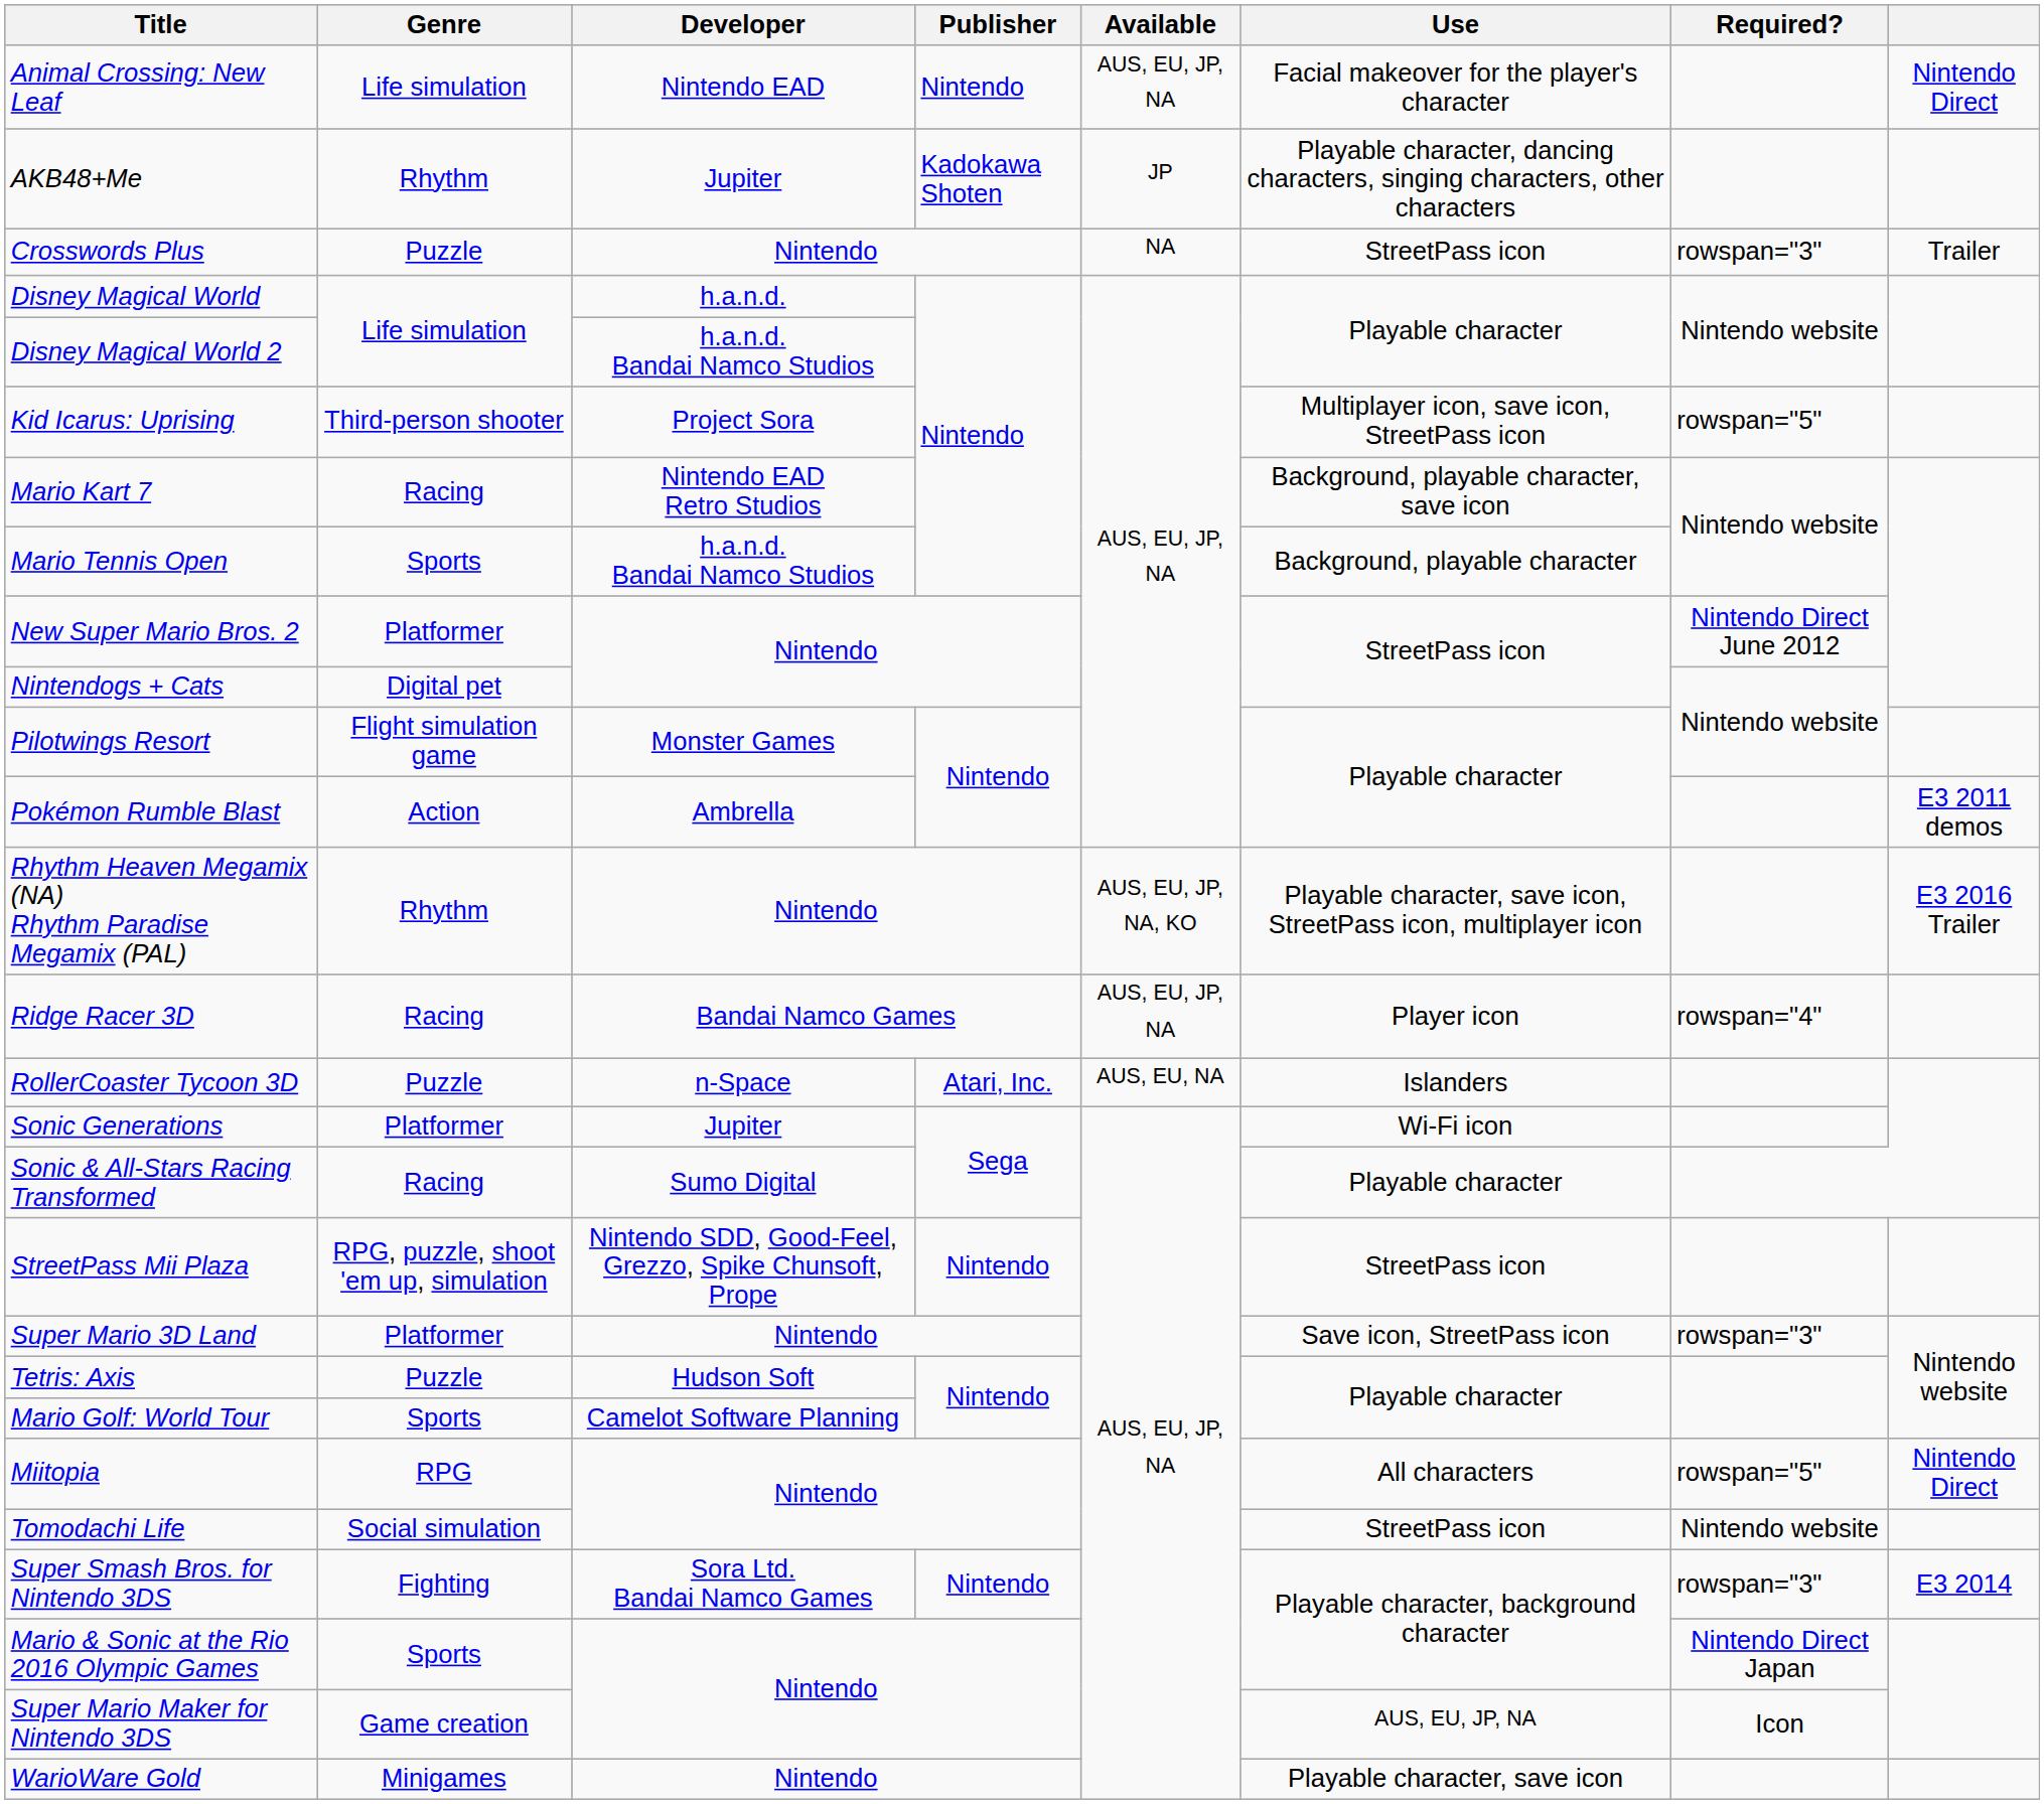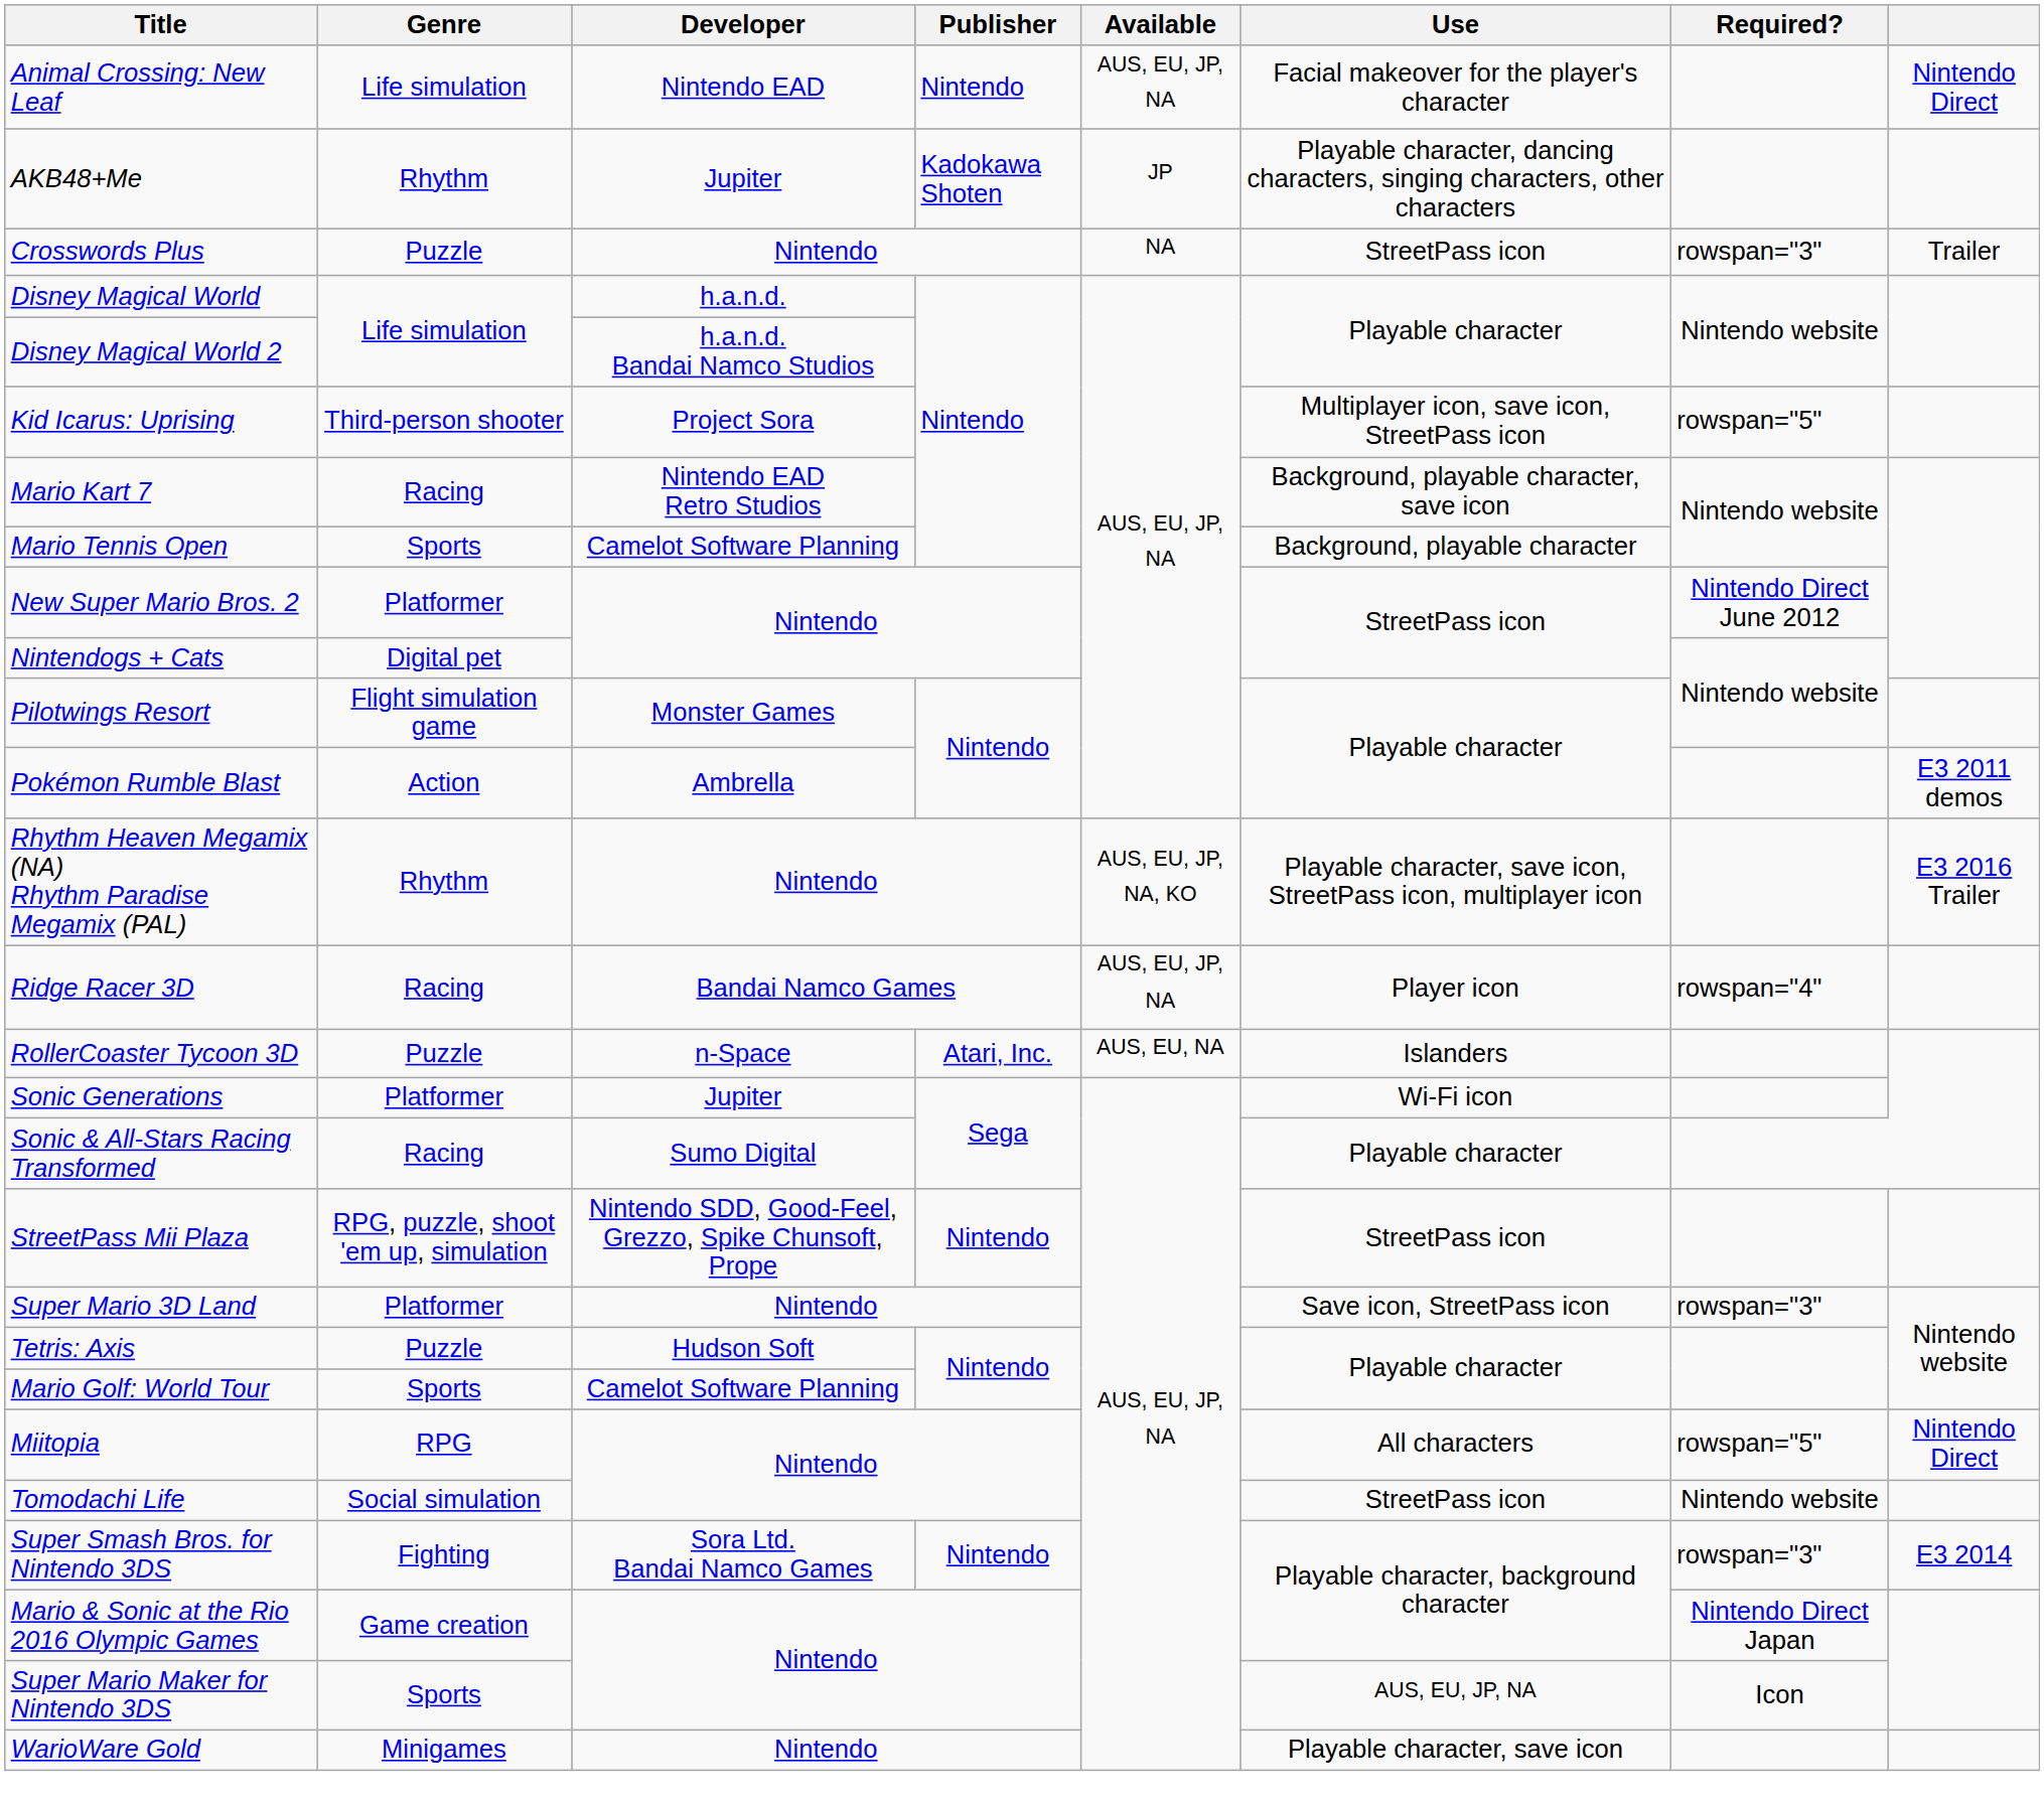 <table class="wikitable sortable" style="width:100%;" id="3dslist">
 <tr>
 <th>Title</th>
 <th>Genre</th>
 <th>Developer</th>
 <th>Publisher</th>
 <th>Available</th>
 <th>Use</th>
 <th>Required?</th>
 <th></th>
 </tr>
 <tr>
 <td><em><a href='#'>Animal Crossing: New Leaf</a></em></td>
 <td align=center><a href='#'>Life simulation</a></td>
 <td align=center><a href='#'>Nintendo EAD</a></td>
 <td><a href='#'>Nintendo</a></td>
 <td align=center><sup>AUS, EU, JP, NA</sup></td>
 <td align=center>Facial makeover for the player's character</td>
 <td></td>
 <td align="center"><a href='#'>Nintendo Direct</a></td>
 </tr>
 <tr>
 <td><em>AKB48+Me</em></td>
 <td align=center><a href='#'>Rhythm</a></td>
 <td align=center><a href='#'>Jupiter</a></td>
 <td><a href='#'>Kadokawa Shoten</a></td>
 <td align=center><sup>JP</sup></td>
 <td align=center>Playable character, dancing characters, singing characters, other characters</td>
 <td></td>
 <td align="center"></td>
 </tr>
 <tr>
 <td><em><a href='#'>Crosswords Plus</a></em></td>
 <td align=center><a href='#'>Puzzle</a></td>
 <td colspan="2" align="center"><a href='#'>Nintendo</a></td>
 <td align=center><sup>NA</sup></td>
 <td align=center>StreetPass icon</td>
 <td>rowspan="3"  </td>
 <td align=center>Trailer</td>
 </tr>
 <tr>
 <td><em><a href='#'>Disney Magical World</a></em></td>
 <td rowspan="2" align="center"><a href='#'>Life simulation</a></td>
 <td align="center"><a href='#'>h.a.n.d.</a></td>
 <td rowspan="5"><a href='#'>Nintendo</a></td>
 <td rowspan="9" align="center"><sup>AUS, EU, JP, NA</sup></td>
 <td rowspan="2" align="center">Playable character</td>
 <td rowspan="2" align="center">Nintendo website</td>
 </tr>
 <tr>
 <td><em><a href='#'>Disney Magical World 2</a></em></td>
 <td align="center"><a href='#'>h.a.n.d.</a><br><a href='#'>Bandai Namco Studios</a></td>
 </tr>
 <tr>
 <td><em><a href='#'>Kid Icarus: Uprising</a></em></td>
 <td align=center><a href='#'>Third-person shooter</a></td>
 <td align=center><a href='#'>Project Sora</a></td>
 <td align="center">Multiplayer icon, save icon, StreetPass icon</td>
 <td>rowspan="5"  </td>
 <td></td>
 </tr>
 <tr>
 <td><em><a href='#'>Mario Kart 7</a></em></td>
 <td align=center><a href='#'>Racing</a></td>
 <td align=center><a href='#'>Nintendo EAD</a><br><a href='#'>Retro Studios</a></td>
 <td align="center">Background, playable character, save icon</td>
 <td rowspan="2" align="center">Nintendo website</td>
 </tr>
 <tr>
 <td><em><a href='#'>Mario Tennis Open</a></em></td>
 <td align=center><a href='#'>Sports</a></td>
-<td align="center"><a href='#'>h.a.n.d.</a><br><a href='#'>Bandai Namco Studios</a></td>
+<td align=center><a href='#'>Camelot Software Planning</a></td>
 <td align="center">Background, playable character</td>
 </tr>
 <tr>
 <td><em><a href='#'>New Super Mario Bros. 2</a></em></td>
 <td align=center><a href='#'>Platformer</a></td>
 <td rowspan="2" colspan="2" align="center"><a href='#'>Nintendo</a></td>
 <td rowspan="2" align="center">StreetPass icon</td>
 <td align="center"><a href='#'>Nintendo Direct</a> June 2012</td>
 </tr>
 <tr>
 <td><em><a href='#'>Nintendogs + Cats</a></em></td>
 <td align=center><a href='#'>Digital pet</a></td>
 <td rowspan="2" align="center">Nintendo website</td>
 </tr>
 <tr>
 <td><em><a href='#'>Pilotwings Resort</a></em></td>
 <td align=center><a href='#'>Flight simulation game</a></td>
 <td align=center><a href='#'>Monster Games</a></td>
 <td rowspan="2" align="center"><a href='#'>Nintendo</a></td>
 <td rowspan="2" align="center">Playable character</td>
 <td></td>
 </tr>
 <tr>
 <td><em><a href='#'>Pokémon Rumble Blast</a></em></td>
 <td align=center><a href='#'>Action</a></td>
 <td align=center><a href='#'>Ambrella</a></td>
 <td></td>
 <td align="center"><a href='#'>E3 2011</a> demos</td>
 </tr>
 <tr>
 <td><em><a href='#'>Rhythm Heaven Megamix</a> (NA) <br> <a href='#'>Rhythm Paradise Megamix</a> (PAL)</em></td>
 <td align=center><a href='#'>Rhythm</a></td>
 <td colspan="2" align="center"><a href='#'>Nintendo</a></td>
 <td align=center><sup>AUS, EU, JP, NA, KO</sup></td>
 <td align=center>Playable character, save icon, StreetPass icon, multiplayer icon</td>
 <td></td>
 <td align="center"><a href='#'>E3 2016</a> Trailer</td>
 </tr>
 <tr>
 <td><em><a href='#'>Ridge Racer 3D</a></em></td>
 <td align=center><a href='#'>Racing</a></td>
 <td colspan="2" align="center"><a href='#'>Bandai Namco Games</a></td>
 <td align=center><sup>AUS, EU, JP, NA</sup></td>
 <td align=center>Player icon</td>
 <td>rowspan="4" </td>
 <td align="center"></td>
 </tr>
 <tr>
 <td><em><a href='#'>RollerCoaster Tycoon 3D</a></em></td>
 <td align=center><a href='#'>Puzzle</a></td>
 <td align=center><a href='#'>n-Space</a></td>
 <td align=center><a href='#'>Atari, Inc.</a></td>
 <td align=center><sup> AUS, EU, NA</sup></td>
 <td align=center>Islanders</td>
 <td></td>
 </tr>
 <tr>
 <td><em><a href='#'>Sonic Generations</a></em></td>
 <td align=center><a href='#'>Platformer</a></td>
 <td align=center><a href='#'>Jupiter</a></td>
 <td rowspan="2" align="center"><a href='#'>Sega</a></td>
 <td rowspan="12" align="center"><sup>AUS, EU, JP, NA</sup></td>
 <td align=center>Wi-Fi icon</td>
 <td></td>
 </tr>
 <tr>
 <td><em><a href='#'>Sonic & All-Stars Racing Transformed</a></em></td>
 <td align=center><a href='#'>Racing</a></td>
 <td align=center><a href='#'>Sumo Digital</a></td>
 <td align="center">Playable character</td>
 </tr>
 <tr>
 <td><em><a href='#'>StreetPass Mii Plaza</a></em></td>
 <td align=center><a href='#'>RPG</a>, <a href='#'>puzzle</a>, <a href='#'>shoot 'em up</a>, <a href='#'>simulation</a></td>
 <td align=center><a href='#'>Nintendo SDD</a>, <a href='#'>Good-Feel</a>, <a href='#'>Grezzo</a>, <a href='#'>Spike Chunsoft</a>, <a href='#'>Prope</a></td>
 <td align="center"><a href='#'>Nintendo</a></td>
 <td align=center>StreetPass icon</td>
 <td></td>
 <td></td>
 </tr>
 <tr>
 <td><em><a href='#'>Super Mario 3D Land</a></em></td>
 <td align=center><a href='#'>Platformer</a></td>
 <td colspan="2" align="center"><a href='#'>Nintendo</a></td>
 <td align=center>Save icon, StreetPass icon</td>
 <td>rowspan="3" </td>
 <td rowspan="3" align="center">Nintendo website</td>
 </tr>
 <tr>
 <td><em><a href='#'>Tetris: Axis</a></em></td>
 <td align=center><a href='#'>Puzzle</a></td>
 <td align=center><a href='#'>Hudson Soft</a></td>
 <td rowspan="2" align="center"><a href='#'>Nintendo</a></td>
 <td rowspan="2" align="center">Playable character</td>
 </tr>
 <tr>
 <td><em><a href='#'>Mario Golf: World Tour</a></em></td>
 <td align=center><a href='#'>Sports</a></td>
 <td align=center><a href='#'>Camelot Software Planning</a></td>
 </tr>
 <tr>
 <td><em><a href='#'>Miitopia</a></em></td>
 <td align=center><a href='#'>RPG</a></td>
 <td rowspan="2" colspan="2" align="center"><a href='#'>Nintendo</a></td>
 <td align="center">All characters</td>
 <td>rowspan="5"  </td>
 <td align="center"><a href='#'>Nintendo Direct</a></td>
 </tr>
 <tr>
 <td><em><a href='#'>Tomodachi Life</a></em></td>
 <td align=center><a href='#'>Social simulation</a></td>
 <td align=center>StreetPass icon</td>
 <td align=center>Nintendo website</td>
 </tr>
 <tr>
 <td><em><a href='#'>Super Smash Bros. for Nintendo 3DS</a></em></td>
 <td align=center><a href='#'>Fighting</a></td>
 <td align=center><a href='#'>Sora Ltd.</a> <br> <a href='#'>Bandai Namco Games</a></td>
 <td align="center"><a href='#'>Nintendo</a></td>
 <td rowspan="2" align="center">Playable character, background character</td>
 <td>rowspan="3" </td>
 <td align="center"><a href='#'>E3 2014</a></td>
 </tr>
 <tr>
 <td><em><a href='#'>Mario & Sonic at the Rio 2016 Olympic Games</a></em></td>
-<td align=center><a href='#'>Sports</a></td>
+<td align=center><a href='#'>Game creation</a></td>
 <td rowspan="2" colspan="2" align="center"><a href='#'>Nintendo</a></td>
 <td align="center"><a href='#'>Nintendo Direct</a> Japan</td>
 </tr>
 <tr>
 <td><em><a href='#'>Super Mario Maker for Nintendo 3DS</a></em></td>
-<td align=center><a href='#'>Game creation</a></td>
+<td align=center><a href='#'>Sports</a></td>
 <td align=center><sup>AUS, EU, JP, NA</sup></td>
 <td align="center">Icon</td>
 </tr>
 <tr>
 <td><em><a href='#'>WarioWare Gold</a></em></td>
 <td align=center><a href='#'>Minigames</a></td>
 <td colspan="2" align="center"><a href='#'>Nintendo</a></td>
 <td align=center>Playable character, save icon</td>
 <td></td>
 <td></td>
 </tr>
 </table>
